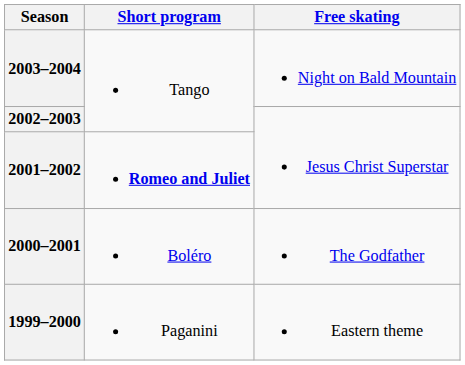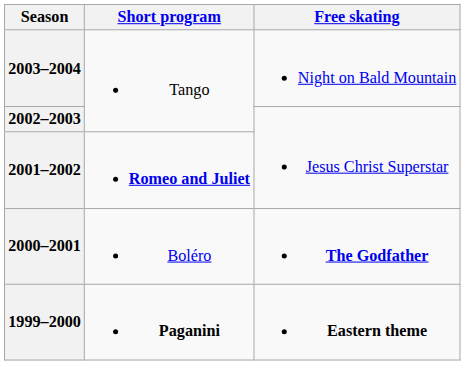 <table class=wikitable style=text-align:center>
 <tr>
 <th>Season</th>
 <th><a href='#'>Short program</a></th>
 <th><a href='#'>Free skating</a></th>
 </tr>
 <tr>
 <th>2003–2004<br></th>
 <td rowspan=2><br><ul><li>Tango</li></ul></td>
 <td><br><ul><li><a href='#'>Night on Bald Mountain</a> <br></li></ul></td>
 </tr>
 <tr>
 <th>2002–2003<br></th>
 <td rowspan=2><br><ul><li><a href='#'>Jesus Christ Superstar</a> <br></li></ul></td>
 </tr>
 <tr>
 <th>2001–2002<br></th>
 <td><strong><br><ul><li><a href='#'>Romeo and Juliet</a> <br></li></ul></strong></td>
 </tr>
 <tr>
 <th>2000–2001<br></th>
 <td><br><ul><li><a href='#'>Boléro</a> <br></li></ul></td>
-<td><br><ul><li><a href='#'>The Godfather</a> <br></li></ul></td>
+<td><strong><br><ul><li><a href='#'>The Godfather</a> <br></li></ul></strong></td>
 </tr>
 <tr>
 <th>1999–2000<br></th>
-<td><br><ul><li>Paganini</li></ul></td>
-<td><br><ul><li>Eastern theme</li></ul></td>
+<td><strong><br><ul><li>Paganini</li></ul></strong></td>
+<td><strong><br><ul><li>Eastern theme</li></ul></strong></td>
 </tr>
 </table>
